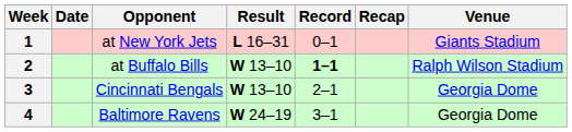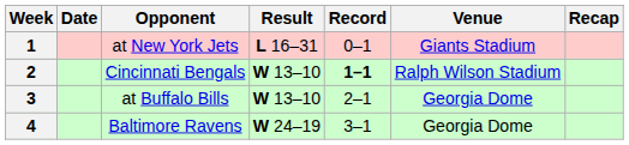 <table class="wikitable" style="text-align:center">
 <tr>
 <th>Week</th>
 <th>Date</th>
 <th>Opponent</th>
 <th>Result</th>
 <th>Record</th>
+<th>Venue</th>
 <th>Recap</th>
-<th>Venue</th>
 </tr>
 <tr style="background: #fcc;">
 <th>1</th>
 <td></td>
 <td>at <a href='#'>New York Jets</a></td>
 <td><strong>L</strong> 16–31</td>
 <td>0–1</td>
+<td><a href='#'>Giants Stadium</a></td>
 <td></td>
-<td><a href='#'>Giants Stadium</a></td>
 </tr>
 <tr style="background: #cfc;">
 <th>2</th>
 <td></td>
-<td>at <a href='#'>Buffalo Bills</a></td>
+<td><a href='#'>Cincinnati Bengals</a></td>
 <td><strong>W</strong> 13–10</td>
 <td><strong>1–1</strong></td>
+<td><a href='#'>Ralph Wilson Stadium</a></td>
 <td></td>
-<td><a href='#'>Ralph Wilson Stadium</a></td>
 </tr>
 <tr style="background: #cfc;">
 <th><strong>3</strong></th>
 <td></td>
-<td><a href='#'>Cincinnati Bengals</a></td>
+<td>at <a href='#'>Buffalo Bills</a></td>
 <td><strong>W</strong> 13–10</td>
 <td>2–1</td>
+<td><a href='#'>Georgia Dome</a></td>
 <td></td>
-<td><a href='#'>Georgia Dome</a></td>
 </tr>
 <tr style="background: #cfc;">
 <th><strong>4</strong></th>
 <td></td>
 <td><a href='#'>Baltimore Ravens</a></td>
 <td><strong>W</strong> 24–19</td>
 <td>3–1</td>
+<td>Georgia Dome</td>
 <td></td>
-<td>Georgia Dome</td>
 </tr>
 </table>
